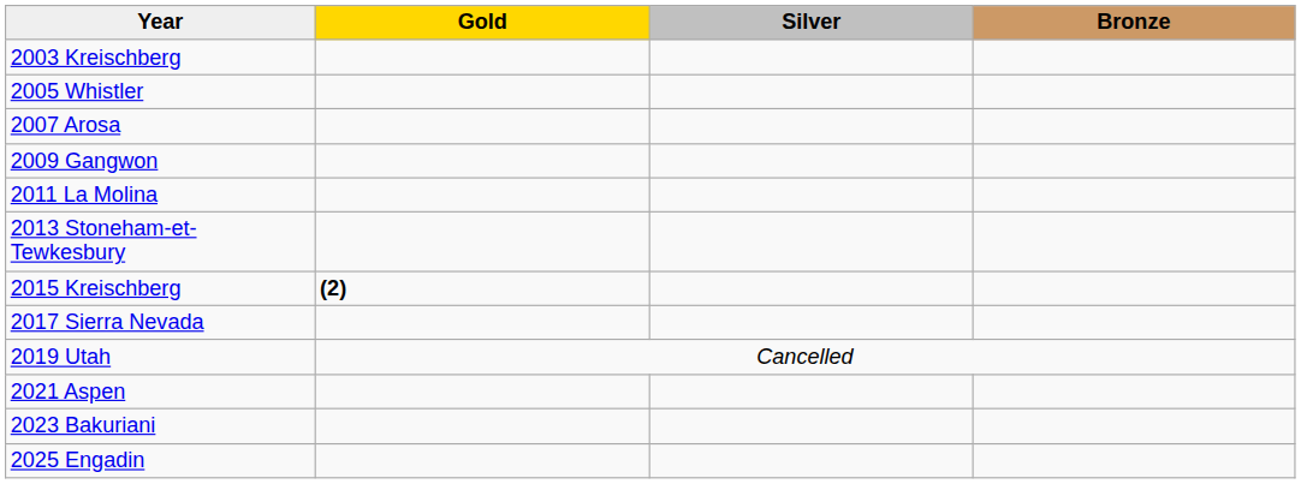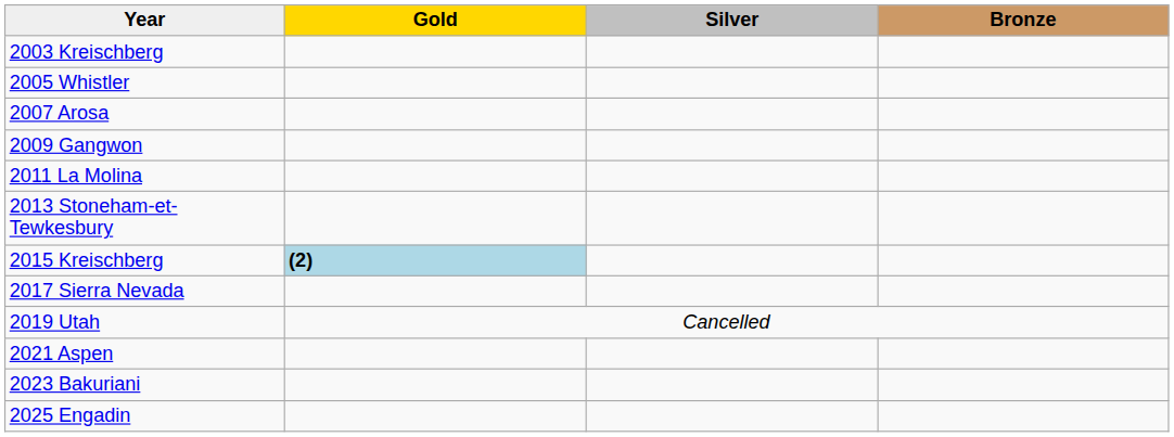 <table class="wikitable sortable" style="width:950px;">
 <tr>
 <th style="width:24%; background:#efefef;">Year</th>
 <th style="width:26%; background:gold">Gold</th>
 <th style="width:25%; background:silver">Silver</th>
 <th style="width:25%; background:#CC9966">Bronze</th>
 </tr>
 <tr>
 <td><a href='#'>2003 Kreischberg</a></td>
 <td></td>
 <td></td>
 <td></td>
 </tr>
 <tr>
 <td><a href='#'>2005 Whistler</a></td>
 <td></td>
 <td></td>
 <td></td>
 </tr>
 <tr>
 <td><a href='#'>2007 Arosa</a></td>
 <td></td>
 <td></td>
 <td></td>
 </tr>
 <tr>
 <td><a href='#'>2009 Gangwon</a></td>
 <td></td>
 <td></td>
 <td></td>
 </tr>
 <tr>
 <td><a href='#'>2011 La Molina</a></td>
 <td></td>
 <td></td>
 <td></td>
 </tr>
 <tr>
 <td><a href='#'>2013 Stoneham-et-Tewkesbury</a></td>
 <td></td>
 <td></td>
 <td></td>
 </tr>
 <tr>
 <td><a href='#'>2015 Kreischberg</a></td>
-<td> <strong>(2)</strong></td>
+<td style="background: lightblue;"> <strong>(2)</strong></td>
 <td></td>
 <td></td>
 </tr>
 <tr>
 <td><a href='#'>2017 Sierra Nevada</a></td>
 <td></td>
 <td></td>
 <td></td>
 </tr>
 <tr>
 <td><a href='#'>2019 Utah</a></td>
 <td colspan=3 align=center><em>Cancelled</em></td>
 </tr>
 <tr>
 <td><a href='#'>2021 Aspen</a></td>
 <td></td>
 <td></td>
 <td></td>
 </tr>
 <tr>
 <td><a href='#'>2023 Bakuriani</a></td>
 <td></td>
 <td></td>
 <td></td>
 </tr>
 <tr>
 <td><a href='#'>2025 Engadin</a></td>
 <td></td>
 <td></td>
 <td></td>
 </tr>
 </table>
